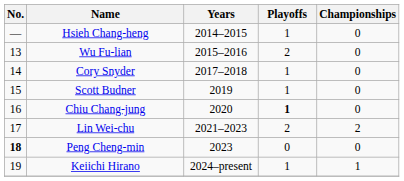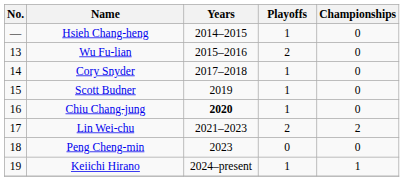 <table class=wikitable style="text-align:center; font-size:95%">
 <tr>
 <th width="10">No.</th>
 <th width="200">Name</th>
 <th width="90">Years</th>
 <th width="70">Playoffs</th>
 <th width="70">Championships</th>
 </tr>
 <tr>
 <td>—</td>
 <td><a href='#'>Hsieh Chang-heng</a></td>
 <td>2014–2015</td>
 <td>1</td>
 <td>0</td>
 </tr>
 <tr>
 <td>13</td>
 <td><a href='#'>Wu Fu-lian</a></td>
 <td>2015–2016</td>
 <td>2</td>
 <td>0</td>
 </tr>
 <tr>
 <td>14</td>
 <td><a href='#'>Cory Snyder</a></td>
 <td>2017–2018</td>
 <td>1</td>
 <td>0</td>
 </tr>
 <tr>
 <td>15</td>
 <td><a href='#'>Scott Budner</a></td>
 <td>2019</td>
 <td>1</td>
 <td>0</td>
 </tr>
 <tr>
 <td>16</td>
 <td><a href='#'>Chiu Chang-jung</a></td>
-<td>2020</td>
-<td><strong>1</strong></td>
+<td><strong>2020</strong></td>
+<td>1</td>
 <td>0</td>
 </tr>
 <tr>
 <td>17</td>
 <td><a href='#'>Lin Wei-chu</a></td>
 <td>2021–2023</td>
 <td>2</td>
 <td>2</td>
 </tr>
 <tr>
-<td><strong>18</strong></td>
+<td>18</td>
 <td><a href='#'>Peng Cheng-min</a></td>
 <td>2023</td>
 <td>0</td>
 <td>0</td>
 </tr>
 <tr>
 <td>19</td>
 <td><a href='#'>Keiichi Hirano</a></td>
 <td>2024–present</td>
 <td>1</td>
 <td>1</td>
 </tr>
 <tr>
 </tr>
 </table>
